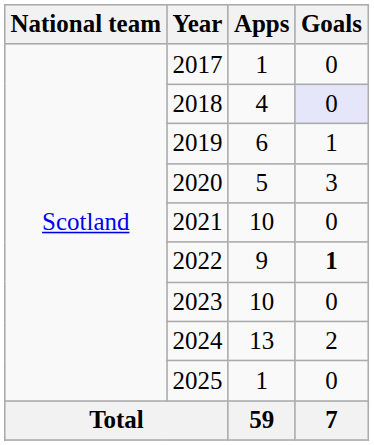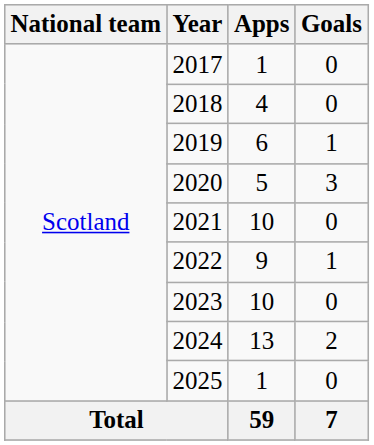 <table class="wikitable" style="text-align: center;">
 <tr>
 <th>National team</th>
 <th>Year</th>
 <th>Apps</th>
 <th>Goals</th>
 </tr>
 <tr>
 <td rowspan="9"><a href='#'>Scotland</a></td>
 <td>2017</td>
 <td>1</td>
 <td>0</td>
 </tr>
 <tr>
 <td>2018</td>
 <td>4</td>
-<td style="background: lavender;">0</td>
+<td>0</td>
 </tr>
 <tr>
 <td>2019</td>
 <td>6</td>
 <td>1</td>
 </tr>
 <tr>
 <td>2020</td>
 <td>5</td>
 <td>3</td>
 </tr>
 <tr>
 <td>2021</td>
 <td>10</td>
 <td>0</td>
 </tr>
 <tr>
 <td>2022</td>
 <td>9</td>
-<td><strong>1</strong></td>
+<td>1</td>
 </tr>
 <tr>
 <td>2023</td>
 <td>10</td>
 <td>0</td>
 </tr>
 <tr>
 <td>2024</td>
 <td>13</td>
 <td>2</td>
 </tr>
 <tr>
 <td>2025</td>
 <td>1</td>
 <td>0</td>
 </tr>
 <tr>
 <th colspan="2">Total</th>
 <th>59</th>
 <th>7</th>
 </tr>
 </table>
